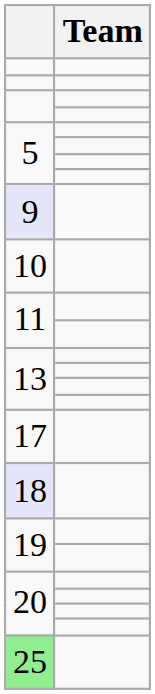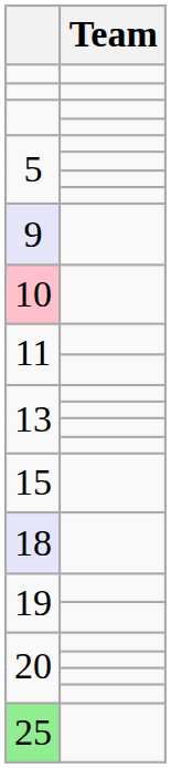 <table class=wikitable style="text-align:center;">
 <tr>
 <th></th>
 <th>Team</th>
 </tr>
 <tr>
 <td></td>
 <td style="text-align:left;"></td>
 </tr>
 <tr>
 <td></td>
 <td style="text-align:left;"></td>
 </tr>
 <tr>
 <td rowspan=2></td>
 <td style="text-align:left;"></td>
 </tr>
 <tr>
 <td style="text-align:left;"></td>
 </tr>
 <tr>
 <td rowspan=4>5</td>
 <td style="text-align:left;"></td>
 </tr>
 <tr>
 <td style="text-align:left;"></td>
 </tr>
 <tr>
 <td style="text-align:left;"></td>
 </tr>
 <tr>
 <td style="text-align:left;"></td>
 </tr>
 <tr>
 <td style="background: lavender;">9</td>
 <td style="text-align:left;"></td>
 </tr>
 <tr>
-<td>10</td>
+<td style="background: pink;">10</td>
 <td style="text-align:left;"></td>
 </tr>
 <tr>
 <td rowspan=2>11</td>
 <td style="text-align:left;"></td>
 </tr>
 <tr>
 <td style="text-align:left;"></td>
 </tr>
 <tr>
 <td rowspan=4>13</td>
 <td style="text-align:left;"></td>
 </tr>
 <tr>
 <td style="text-align:left;"></td>
 </tr>
 <tr>
 <td style="text-align:left;"></td>
 </tr>
 <tr>
 <td style="text-align:left;"></td>
 </tr>
 <tr>
-<td>17</td>
+<td>15</td>
 <td style="text-align:left;"></td>
 </tr>
 <tr>
 <td style="background: lavender;">18</td>
 <td style="text-align:left;"></td>
 </tr>
 <tr>
 <td rowspan="2">19</td>
 <td style="text-align:left;"></td>
 </tr>
 <tr>
 <td style="text-align:left;"></td>
 </tr>
 <tr>
 <td rowspan="4">20</td>
 <td style="text-align:left;"></td>
 </tr>
 <tr>
 <td style="text-align:left;"></td>
 </tr>
 <tr>
 <td style="text-align:left;"></td>
 </tr>
 <tr>
 <td style="text-align:left;"></td>
 </tr>
 <tr>
 <td style="background: lightgreen;">25</td>
 <td style="text-align:left;"></td>
 </tr>
 </table>
